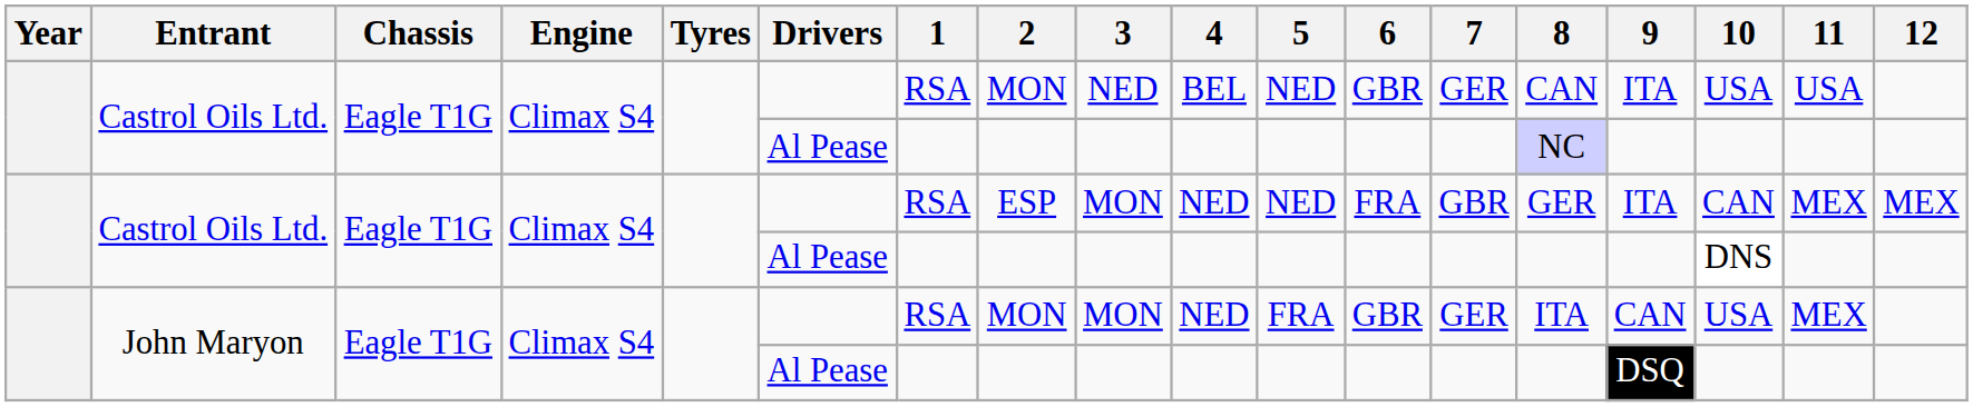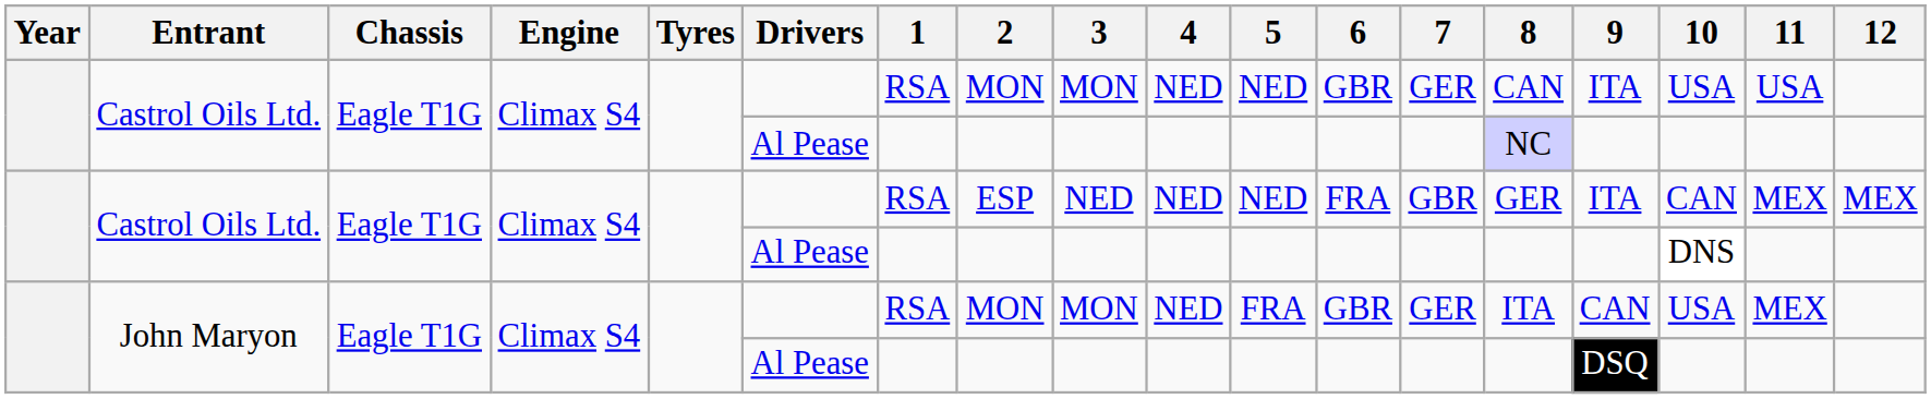 <table class="wikitable" style="text-align:center; font-size:85%">
 <tr>
 <th>Year</th>
 <th>Entrant</th>
 <th>Chassis</th>
 <th>Engine</th>
 <th>Tyres</th>
 <th>Drivers</th>
 <th>1</th>
 <th>2</th>
 <th>3</th>
 <th>4</th>
 <th>5</th>
 <th>6</th>
 <th>7</th>
 <th>8</th>
 <th>9</th>
 <th>10</th>
 <th>11</th>
 <th>12</th>
 </tr>
 <tr>
 <th rowspan="2"></th>
 <td rowspan="2"><a href='#'>Castrol Oils Ltd.</a></td>
 <td rowspan="2"><a href='#'>Eagle T1G</a></td>
 <td rowspan="2"><a href='#'>Climax</a> <a href='#'>S4</a></td>
 <td rowspan="2"></td>
 <td></td>
 <td><a href='#'>RSA</a></td>
 <td><a href='#'>MON</a></td>
+<td><a href='#'>MON</a></td>
 <td><a href='#'>NED</a></td>
-<td><a href='#'>BEL</a></td>
 <td><a href='#'>NED</a></td>
 <td><a href='#'>GBR</a></td>
 <td><a href='#'>GER</a></td>
 <td><a href='#'>CAN</a></td>
 <td><a href='#'>ITA</a></td>
 <td><a href='#'>USA</a></td>
 <td><a href='#'>USA</a></td>
 <td></td>
 </tr>
 <tr>
 <td align="left"> <a href='#'>Al Pease</a></td>
 <td></td>
 <td></td>
 <td></td>
 <td></td>
 <td></td>
 <td></td>
 <td></td>
 <td style="background:#CFCFFF;">NC</td>
 <td></td>
 <td></td>
 <td></td>
 <td></td>
 </tr>
 <tr>
 <th rowspan="2"></th>
 <td rowspan="2"><a href='#'>Castrol Oils Ltd.</a></td>
 <td rowspan="2"><a href='#'>Eagle T1G</a></td>
 <td rowspan="2"><a href='#'>Climax</a> <a href='#'>S4</a></td>
 <td rowspan="2"></td>
 <td></td>
 <td><a href='#'>RSA</a></td>
 <td><a href='#'>ESP</a></td>
-<td><a href='#'>MON</a></td>
+<td><a href='#'>NED</a></td>
 <td><a href='#'>NED</a></td>
 <td><a href='#'>NED</a></td>
 <td><a href='#'>FRA</a></td>
 <td><a href='#'>GBR</a></td>
 <td><a href='#'>GER</a></td>
 <td><a href='#'>ITA</a></td>
 <td><a href='#'>CAN</a></td>
 <td><a href='#'>MEX</a></td>
 <td><a href='#'>MEX</a></td>
 </tr>
 <tr>
 <td align="left"> <a href='#'>Al Pease</a></td>
 <td></td>
 <td></td>
 <td></td>
 <td></td>
 <td></td>
 <td></td>
 <td></td>
 <td></td>
 <td></td>
 <td style="background:#FFFFFF;">DNS</td>
 <td></td>
 <td></td>
 </tr>
 <tr>
 <th rowspan="2"></th>
 <td rowspan="2">John Maryon</td>
 <td rowspan="2"><a href='#'>Eagle T1G</a></td>
 <td rowspan="2"><a href='#'>Climax</a> <a href='#'>S4</a></td>
 <td rowspan="2"></td>
 <td></td>
 <td><a href='#'>RSA</a></td>
 <td><a href='#'>MON</a></td>
 <td><a href='#'>MON</a></td>
 <td><a href='#'>NED</a></td>
 <td><a href='#'>FRA</a></td>
 <td><a href='#'>GBR</a></td>
 <td><a href='#'>GER</a></td>
 <td><a href='#'>ITA</a></td>
 <td><a href='#'>CAN</a></td>
 <td><a href='#'>USA</a></td>
 <td><a href='#'>MEX</a></td>
 <td></td>
 </tr>
 <tr>
 <td align="left"> <a href='#'>Al Pease</a></td>
 <td></td>
 <td></td>
 <td></td>
 <td></td>
 <td></td>
 <td></td>
 <td></td>
 <td></td>
 <td style="background:#000000; color:#ffffff">DSQ</td>
 <td></td>
 <td></td>
 <td></td>
 </tr>
 </table>
